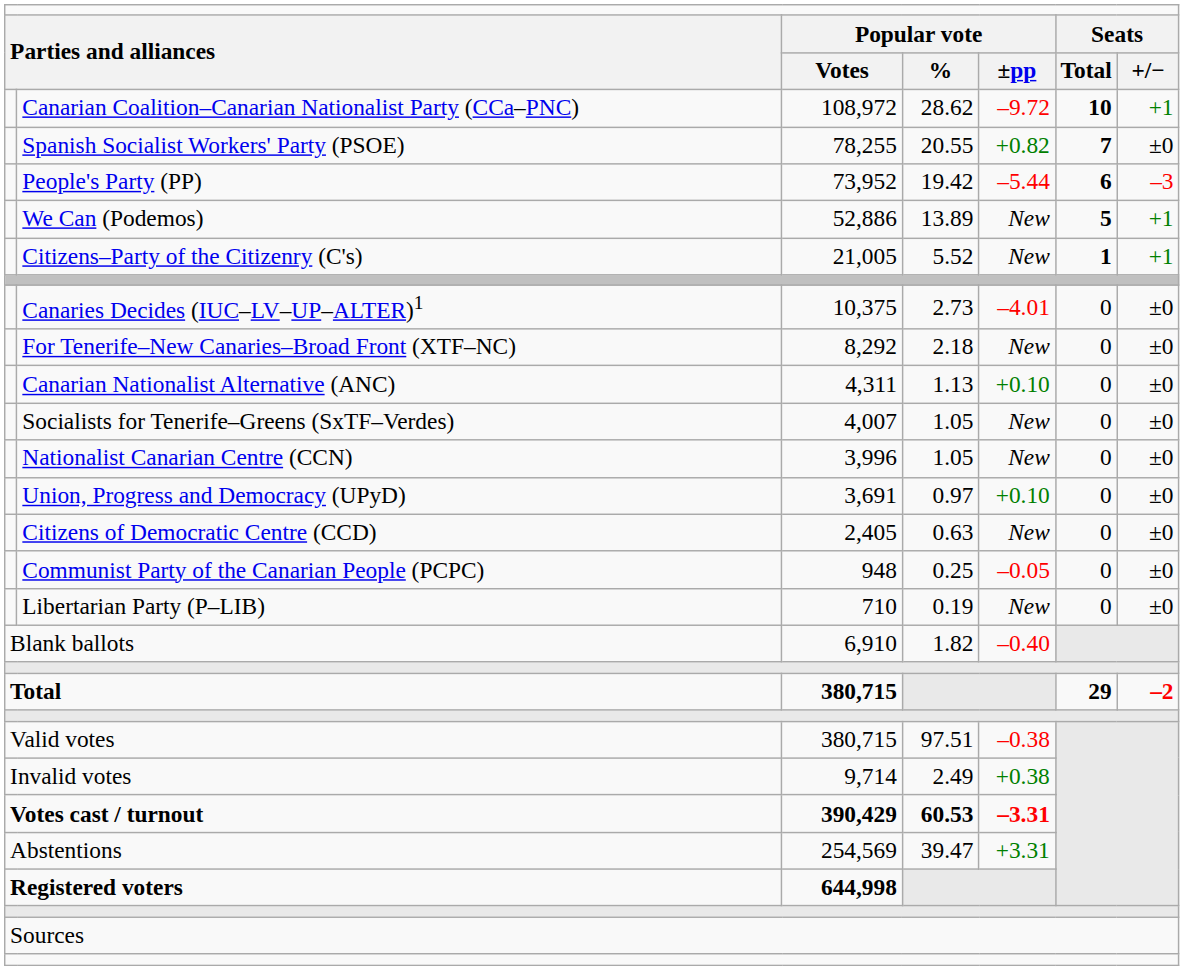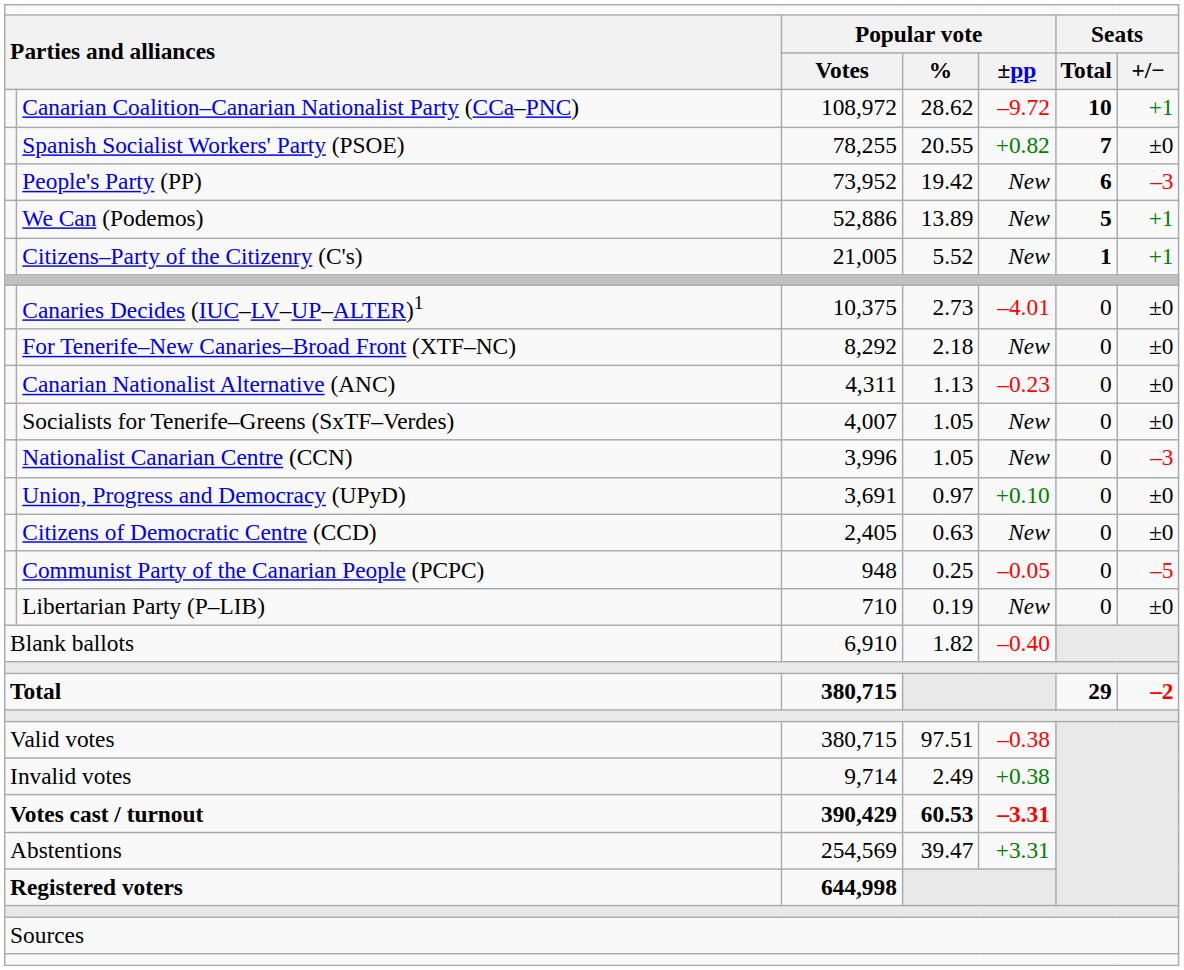 <table class="wikitable" style="text-align:right;">
 <tr>
 <td colspan="7"></td>
 </tr>
 <tr>
 <th style="text-align:left;" rowspan="2" colspan="2" width="525">Parties and alliances</th>
 <th colspan="3">Popular vote</th>
 <th colspan="2">Seats</th>
 </tr>
 <tr>
 <th width="75">Votes</th>
 <th width="45">%</th>
 <th width="45">±<a href='#'>pp</a></th>
 <th width="35">Total</th>
 <th width="35">+/−</th>
 </tr>
 <tr>
 <td width="1" style="color:inherit;background:"></td>
 <td align="left"><a href='#'>Canarian Coalition–Canarian Nationalist Party</a> (<a href='#'>CCa</a>–<a href='#'>PNC</a>)</td>
 <td>108,972</td>
 <td>28.62</td>
 <td style="color:red;">–9.72</td>
 <td><strong>10</strong></td>
 <td style="color:green;">+1</td>
 </tr>
 <tr>
 <td style="color:inherit;background:"></td>
 <td align="left"><a href='#'>Spanish Socialist Workers' Party</a> (PSOE)</td>
 <td>78,255</td>
 <td>20.55</td>
 <td style="color:green;">+0.82</td>
 <td><strong>7</strong></td>
 <td>±0</td>
 </tr>
 <tr>
 <td style="color:inherit;background:"></td>
 <td align="left"><a href='#'>People's Party</a> (PP)</td>
 <td>73,952</td>
 <td>19.42</td>
-<td style="color:red;">–5.44</td>
+<td><em>New</em></td>
 <td><strong>6</strong></td>
 <td style="color:red;">–3</td>
 </tr>
 <tr>
 <td style="color:inherit;background:"></td>
 <td align="left"><a href='#'>We Can</a> (Podemos)</td>
 <td>52,886</td>
 <td>13.89</td>
 <td><em>New</em></td>
 <td><strong>5</strong></td>
 <td style="color:green;">+1</td>
 </tr>
 <tr>
 <td style="color:inherit;background:"></td>
 <td align="left"><a href='#'>Citizens–Party of the Citizenry</a> (C's)</td>
 <td>21,005</td>
 <td>5.52</td>
 <td><em>New</em></td>
 <td><strong>1</strong></td>
 <td style="color:green;">+1</td>
 </tr>
 <tr>
 <td colspan="7" bgcolor="#C0C0C0"></td>
 </tr>
 <tr>
 <td style="color:inherit;background:"></td>
 <td align="left"><a href='#'>Canaries Decides</a> (<a href='#'>IUC</a>–<a href='#'>LV</a>–<a href='#'>UP</a>–<a href='#'>ALTER</a>)<sup>1</sup></td>
 <td>10,375</td>
 <td>2.73</td>
 <td style="color:red;">–4.01</td>
 <td>0</td>
 <td>±0</td>
 </tr>
 <tr>
 <td style="color:inherit;background:"></td>
 <td align="left"><a href='#'>For Tenerife–New Canaries–Broad Front</a> (XTF–NC)</td>
 <td>8,292</td>
 <td>2.18</td>
 <td><em>New</em></td>
 <td>0</td>
 <td>±0</td>
 </tr>
 <tr>
 <td style="color:inherit;background:"></td>
 <td align="left"><a href='#'>Canarian Nationalist Alternative</a> (ANC)</td>
 <td>4,311</td>
 <td>1.13</td>
-<td style="color:green;">+0.10</td>
+<td style="color:red;">–0.23</td>
 <td>0</td>
 <td>±0</td>
 </tr>
 <tr>
 <td style="color:inherit;background:"></td>
 <td align="left">Socialists for Tenerife–Greens (SxTF–Verdes)</td>
 <td>4,007</td>
 <td>1.05</td>
 <td><em>New</em></td>
 <td>0</td>
 <td>±0</td>
 </tr>
 <tr>
 <td style="color:inherit;background:"></td>
 <td align="left"><a href='#'>Nationalist Canarian Centre</a> (CCN)</td>
 <td>3,996</td>
 <td>1.05</td>
 <td><em>New</em></td>
 <td>0</td>
-<td>±0</td>
+<td style="color:red;">–3</td>
 </tr>
 <tr>
 <td style="color:inherit;background:"></td>
 <td align="left"><a href='#'>Union, Progress and Democracy</a> (UPyD)</td>
 <td>3,691</td>
 <td>0.97</td>
 <td style="color:green;">+0.10</td>
 <td>0</td>
 <td>±0</td>
 </tr>
 <tr>
 <td style="color:inherit;background:"></td>
 <td align="left"><a href='#'>Citizens of Democratic Centre</a> (CCD)</td>
 <td>2,405</td>
 <td>0.63</td>
 <td><em>New</em></td>
 <td>0</td>
 <td>±0</td>
 </tr>
 <tr>
 <td style="color:inherit;background:"></td>
 <td align="left"><a href='#'>Communist Party of the Canarian People</a> (PCPC)</td>
 <td>948</td>
 <td>0.25</td>
 <td style="color:red;">–0.05</td>
 <td>0</td>
-<td>±0</td>
+<td style="color:red;">–5</td>
 </tr>
 <tr>
 <td style="color:inherit;background:"></td>
 <td align="left">Libertarian Party (P–LIB)</td>
 <td>710</td>
 <td>0.19</td>
 <td><em>New</em></td>
 <td>0</td>
 <td>±0</td>
 </tr>
 <tr>
 <td align="left" colspan="2">Blank ballots</td>
 <td>6,910</td>
 <td>1.82</td>
 <td style="color:red;">–0.40</td>
 <td bgcolor="#E9E9E9" colspan="2"></td>
 </tr>
 <tr>
 <td colspan="7" bgcolor="#E9E9E9"></td>
 </tr>
 <tr style="font-weight:bold;">
 <td align="left" colspan="2">Total</td>
 <td>380,715</td>
 <td bgcolor="#E9E9E9" colspan="2"></td>
 <td>29</td>
 <td style="color:red;">–2</td>
 </tr>
 <tr>
 <td colspan="7" bgcolor="#E9E9E9"></td>
 </tr>
 <tr>
 <td align="left" colspan="2">Valid votes</td>
 <td>380,715</td>
 <td>97.51</td>
 <td style="color:red;">–0.38</td>
 <td bgcolor="#E9E9E9" colspan="2" rowspan="5"></td>
 </tr>
 <tr>
 <td align="left" colspan="2">Invalid votes</td>
 <td>9,714</td>
 <td>2.49</td>
 <td style="color:green;">+0.38</td>
 </tr>
 <tr style="font-weight:bold;">
 <td align="left" colspan="2">Votes cast / turnout</td>
 <td>390,429</td>
 <td>60.53</td>
 <td style="color:red;">–3.31</td>
 </tr>
 <tr>
 <td align="left" colspan="2">Abstentions</td>
 <td>254,569</td>
 <td>39.47</td>
 <td style="color:green;">+3.31</td>
 </tr>
 <tr style="font-weight:bold;">
 <td align="left" colspan="2">Registered voters</td>
 <td>644,998</td>
 <td bgcolor="#E9E9E9" colspan="2"></td>
 </tr>
 <tr>
 <td colspan="7" bgcolor="#E9E9E9"></td>
 </tr>
 <tr>
 <td align="left" colspan="7">Sources</td>
 </tr>
 <tr>
 <td colspan="7" style="text-align:left; max-width:790px;"></td>
 </tr>
 </table>
